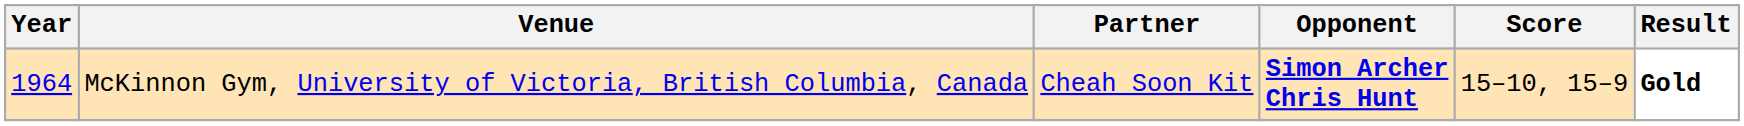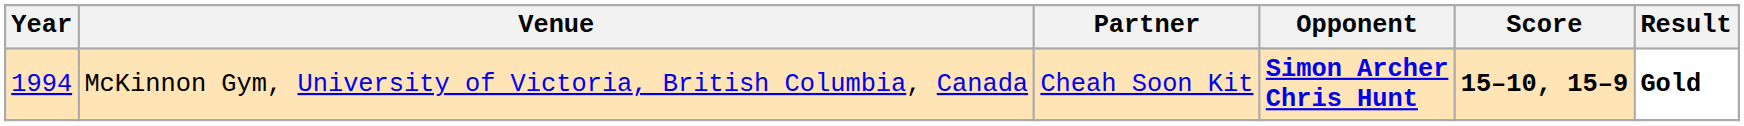 <table class="sortable wikitable" style="font-size: 90%;">
 <tr>
 <th>Year</th>
 <th>Venue</th>
 <th>Partner</th>
 <th>Opponent</th>
 <th>Score</th>
 <th>Result</th>
 </tr>
 <tr style="background:#FFE4B5">
-<td align="center"><a href='#'>1964</a></td>
+<td align="center"><a href='#'>1994</a></td>
 <td align="left">McKinnon Gym, <a href='#'>University of Victoria</a><a href='#'>, British Columbia</a>, <a href='#'>Canada</a></td>
 <td align="left"> <a href='#'>Cheah Soon Kit</a></td>
 <td align="left"><strong> <a href='#'>Simon Archer</a> <br>  <a href='#'>Chris Hunt</a></strong></td>
-<td align="left">15–10, 15–9</td>
+<td align="left"><strong>15–10, 15–9</strong></td>
 <td style="text-align:left; background:white"> <strong>Gold</strong></td>
 </tr>
 </table>
